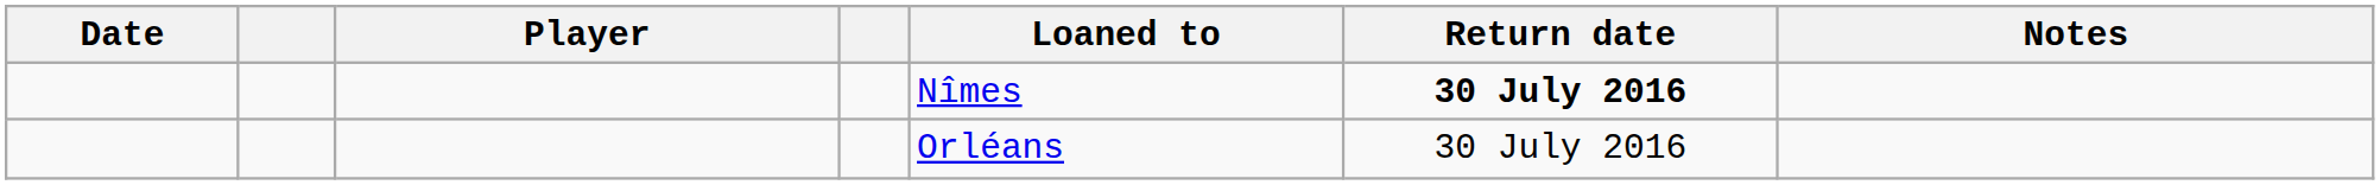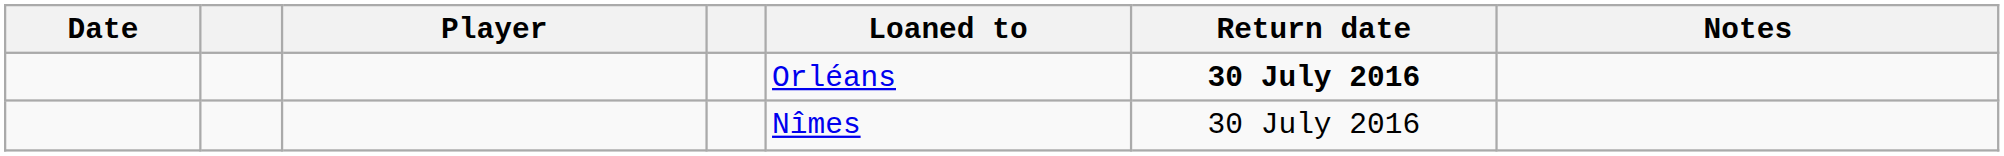 <table class="wikitable sortable">
 <tr>
 <th style="width:80px;">Date</th>
 <th style="width:30px;"></th>
 <th style="width:180px;">Player</th>
 <th style="width:20px;"></th>
 <th style="width:155px;">Loaned to</th>
 <th style="width:155px;" class="unsortable">Return date</th>
 <th style="width:215px;" class="unsortable">Notes</th>
 </tr>
 <tr>
 <td></td>
 <td align=center></td>
 <td> </td>
 <td></td>
-<td> <a href='#'>Nîmes</a></td>
+<td> <a href='#'>Orléans</a></td>
 <td align=center><strong>30 July 2016</strong></td>
 <td align=center></td>
 </tr>
 <tr>
 <td></td>
 <td align=center></td>
 <td> </td>
 <td></td>
-<td> <a href='#'>Orléans</a></td>
+<td> <a href='#'>Nîmes</a></td>
 <td align=center>30 July 2016</td>
 <td align=center></td>
 </tr>
 </table>
